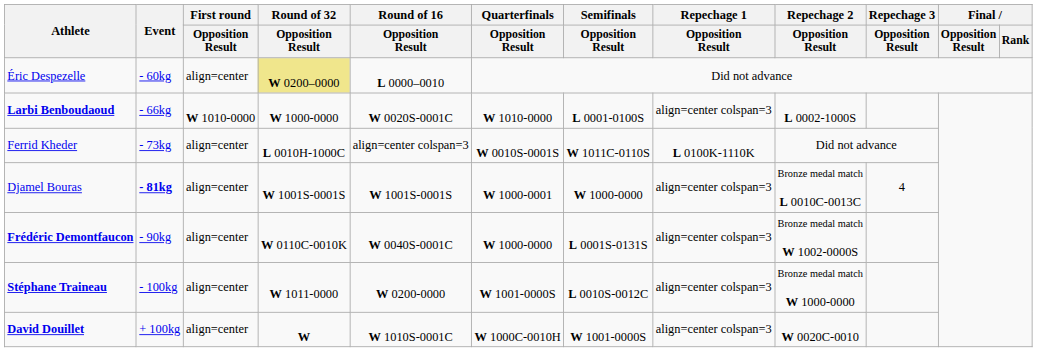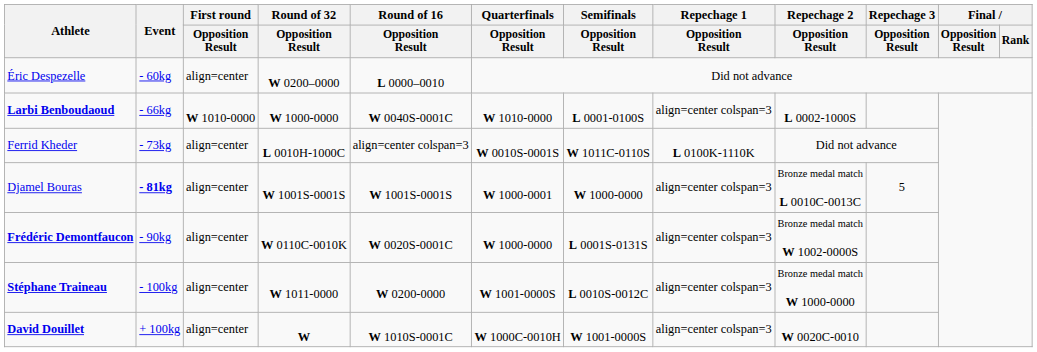 <table class="wikitable" style="font-size:90%">
 <tr>
 <th rowspan="2">Athlete</th>
 <th rowspan="2">Event</th>
 <th>First round</th>
 <th>Round of 32</th>
 <th>Round of 16</th>
 <th>Quarterfinals</th>
 <th>Semifinals</th>
 <th>Repechage 1</th>
 <th>Repechage 2</th>
 <th>Repechage 3</th>
 <th colspan=2>Final / </th>
 </tr>
 <tr style="font-size:95%">
 <th>Opposition<br>Result</th>
 <th>Opposition<br>Result</th>
 <th>Opposition<br>Result</th>
 <th>Opposition<br>Result</th>
 <th>Opposition<br>Result</th>
 <th>Opposition<br>Result</th>
 <th>Opposition<br>Result</th>
 <th>Opposition<br>Result</th>
 <th>Opposition<br>Result</th>
 <th>Rank</th>
 </tr>
 <tr>
 <td align=left><a href='#'>Éric Despezelle</a></td>
 <td align=left><a href='#'>- 60kg</a></td>
 <td>align=center </td>
-<td align=center style="background: khaki;"><br><strong>W</strong> 0200–0000</td>
+<td align=center><br><strong>W</strong> 0200–0000</td>
 <td align=center><br><strong>L</strong> 0000–0010</td>
 <td align=center colspan=7>Did not advance</td>
 </tr>
 <tr>
 <td align=left><strong><a href='#'>Larbi Benboudaoud</a></strong></td>
 <td align=left><a href='#'>- 66kg</a></td>
 <td align=center><br><strong>W</strong> 1010-0000</td>
 <td align=center><br><strong>W</strong> 1000-0000</td>
-<td align=center><br><strong>W</strong> 0020S-0001C</td>
+<td align=center><br><strong>W</strong> 0040S-0001C</td>
 <td align=center><br><strong>W</strong> 1010-0000</td>
 <td align=center><br><strong>L</strong> 0001-0100S</td>
 <td>align=center colspan=3 </td>
 <td align=center><br><strong>L</strong> 0002-1000S</td>
 <td align=center></td>
 </tr>
 <tr>
 <td align=left><a href='#'>Ferrid Kheder</a></td>
 <td align=left><a href='#'>- 73kg</a></td>
 <td>align=center </td>
 <td align=center><br><strong>L</strong> 0010H-1000C</td>
 <td>align=center colspan=3 </td>
 <td align=center><br><strong>W</strong> 0010S-0001S</td>
 <td align=center><br><strong>W</strong> 1011C-0110S</td>
 <td align=center><br><strong>L</strong> 0100K-1110K</td>
 <td align=center colspan=2>Did not advance</td>
 </tr>
 <tr>
 <td align=left><a href='#'>Djamel Bouras</a></td>
 <td align=left><strong><a href='#'>- 81kg</a></strong></td>
 <td>align=center </td>
 <td align=center><br><strong>W</strong> 1001S-0001S</td>
 <td align=center><br><strong>W</strong> 1001S-0001S</td>
 <td align=center><br><strong>W</strong> 1000-0001</td>
 <td align=center><br><strong>W</strong> 1000-0000</td>
 <td>align=center colspan=3 </td>
 <td align=center><small>Bronze medal match</small><br><br><strong>L</strong> 0010C-0013C</td>
-<td align=center>4</td>
+<td align=center>5</td>
 </tr>
 <tr>
 <td align=left><strong><a href='#'>Frédéric Demontfaucon</a></strong></td>
 <td align=left><a href='#'>- 90kg</a></td>
 <td>align=center </td>
 <td align=center><br><strong>W</strong> 0110C-0010K</td>
-<td align=center><br><strong>W</strong> 0040S-0001C</td>
+<td align=center><br><strong>W</strong> 0020S-0001C</td>
 <td align=center><br><strong>W</strong> 1000-0000</td>
 <td align=center><br><strong>L</strong> 0001S-0131S</td>
 <td>align=center colspan=3 </td>
 <td align=center><small>Bronze medal match</small><br><br><strong>W</strong> 1002-0000S</td>
 <td align=center></td>
 </tr>
 <tr>
 <td align=left><strong><a href='#'>Stéphane Traineau</a></strong></td>
 <td align=left><a href='#'>- 100kg</a></td>
 <td>align=center </td>
 <td align=center><br><strong>W</strong> 1011-0000</td>
 <td align=center><br><strong>W</strong> 0200-0000</td>
 <td align=center><br><strong>W</strong> 1001-0000S</td>
 <td align=center><br><strong>L</strong> 0010S-0012C</td>
 <td>align=center colspan=3 </td>
 <td align=center><small>Bronze medal match</small><br><br><strong>W</strong> 1000-0000</td>
 <td align=center></td>
 </tr>
 <tr>
 <td align=left><strong><a href='#'>David Douillet</a></strong></td>
 <td align=left><a href='#'>+ 100kg</a></td>
 <td>align=center </td>
 <td align=center><br><strong>W</strong></td>
 <td align=center><br><strong>W</strong> 1010S-0001C</td>
 <td align=center><br><strong>W</strong> 1000C-0010H</td>
 <td align=center><br><strong>W</strong> 1001-0000S</td>
 <td>align=center colspan=3 </td>
 <td align=center><br><strong>W</strong> 0020C-0010</td>
 <td align=center></td>
 </tr>
 </table>
